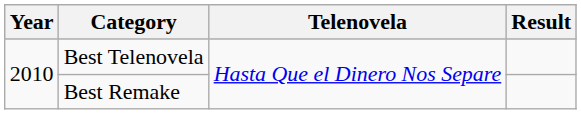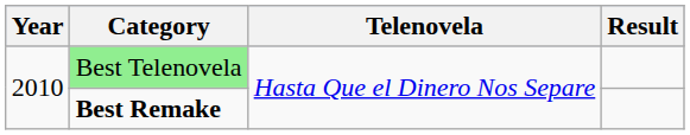 <table class="wikitable">
 <tr style="background:#b0c4de;">
 <th>Year</th>
 <th>Category</th>
 <th>Telenovela</th>
 <th>Result</th>
 </tr>
 <tr>
 <td rowspan=2>2010</td>
-<td>Best Telenovela</td>
+<td style="background: lightgreen;">Best Telenovela</td>
 <td rowspan=2><em><a href='#'>Hasta Que el Dinero Nos Separe</a></em></td>
 <td></td>
 </tr>
 <tr>
-<td>Best Remake</td>
+<td><strong>Best Remake</strong></td>
 <td></td>
 </tr>
 </table>
